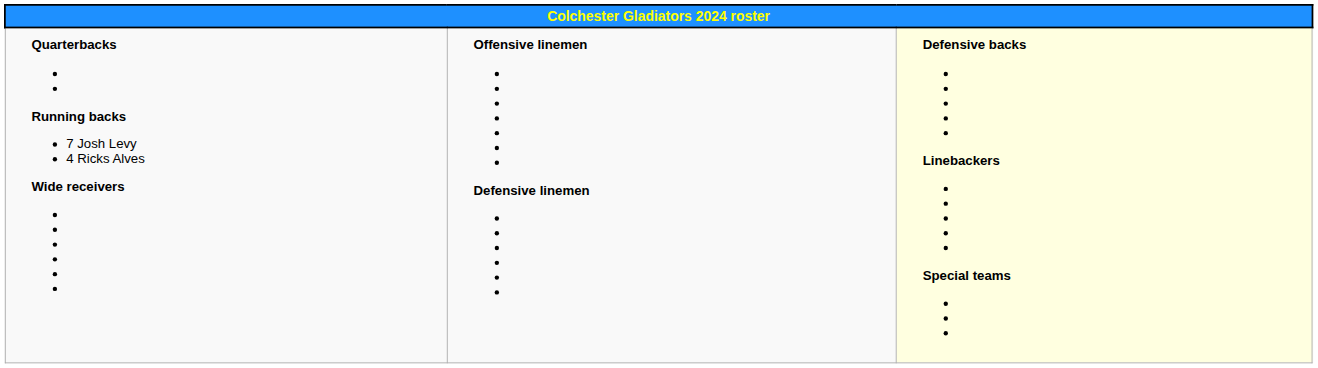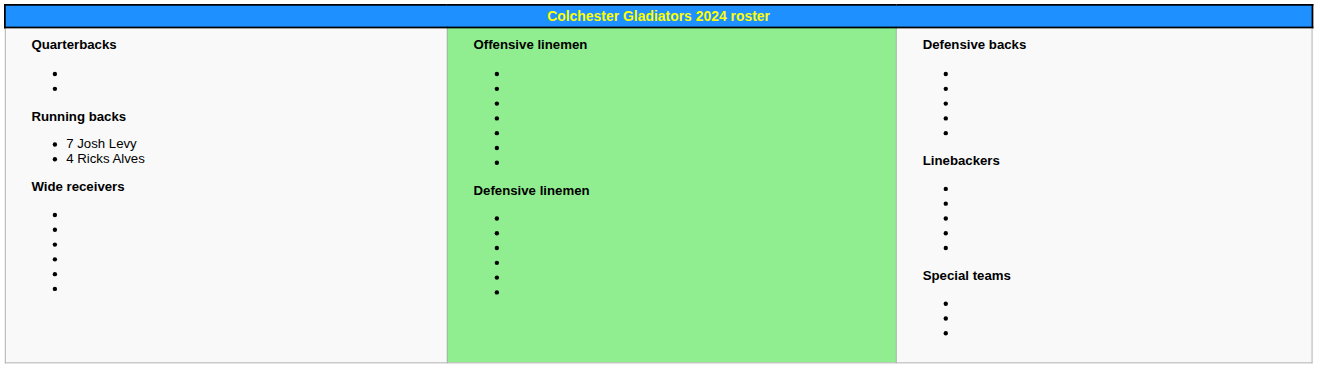 <table class="wikitable" style="text-align: left; width: 95%; border: solid black 1px;">
 <tr>
 <th colspan="7" style="background-color: #1E90FF; text-align: center; border: solid black 2px; color: yellow;">Colchester Gladiators 2024 roster</th>
 </tr>
 <tr>
 <td style="font-size: 95%; padding: 10px 30px;" valign="top"><strong>Quarterbacks</strong><br><ul><li></li><li></li></ul><strong>Running backs</strong><ul><li>7 Josh Levy </li><li>4 Ricks Alves </li></ul><strong>Wide receivers</strong><ul><li></li><li></li><li></li><li></li><li></li><li></li></ul></td>
-<td style="font-size: 95%; padding: 10px 30px;" valign="top"><strong>Offensive linemen</strong><br><ul><li></li><li></li><li></li><li></li><li></li><li></li><li></li></ul><strong>Defensive linemen</strong><ul><li></li><li></li><li></li><li></li><li></li><li></li></ul></td>
-<td style="background: lightyellow; font-size: 95%; padding: 10px 30px;" valign="top"><strong>Defensive backs</strong><br><ul><li></li><li></li><li></li><li></li><li></li></ul><strong>Linebackers</strong><ul><li></li><li></li><li></li><li></li><li></li></ul><strong>Special teams</strong><ul><li></li><li></li><li></li></ul></td>
+<td style="background: lightgreen; font-size: 95%; padding: 10px 30px;" valign="top"><strong>Offensive linemen</strong><br><ul><li></li><li></li><li></li><li></li><li></li><li></li><li></li></ul><strong>Defensive linemen</strong><ul><li></li><li></li><li></li><li></li><li></li><li></li></ul></td>
+<td style="font-size: 95%; padding: 10px 30px;" valign="top"><strong>Defensive backs</strong><br><ul><li></li><li></li><li></li><li></li><li></li></ul><strong>Linebackers</strong><ul><li></li><li></li><li></li><li></li><li></li></ul><strong>Special teams</strong><ul><li></li><li></li><li></li></ul></td>
 </tr>
 </table>
